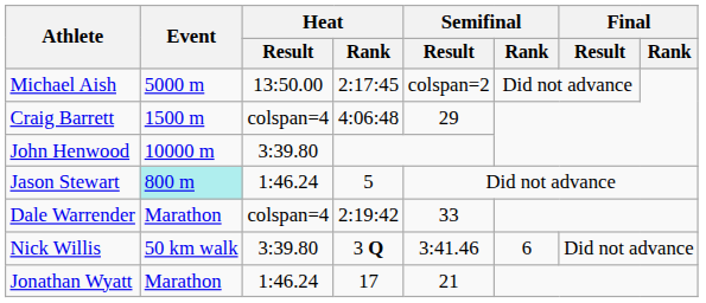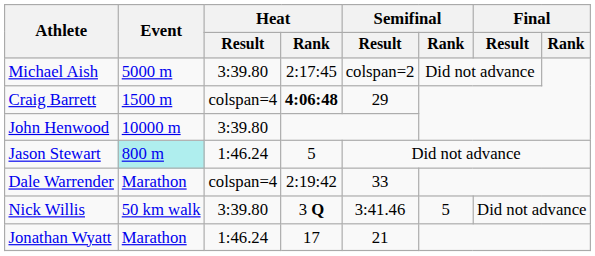 <table class=wikitable style="font-size:90%">
 <tr>
 <th rowspan="2">Athlete</th>
 <th rowspan="2">Event</th>
 <th colspan="2">Heat</th>
 <th colspan="2">Semifinal</th>
 <th colspan="2">Final</th>
 </tr>
 <tr style="font-size:95%">
 <th>Result</th>
 <th>Rank</th>
 <th>Result</th>
 <th>Rank</th>
 <th>Result</th>
 <th>Rank</th>
 </tr>
 <tr align=center>
 <td align=left><a href='#'>Michael Aish</a></td>
 <td align=left><a href='#'>5000 m</a></td>
-<td>13:50.00</td>
+<td>3:39.80</td>
 <td>2:17:45</td>
 <td>colspan=2 </td>
 <td colspan=2>Did not advance</td>
 </tr>
 <tr align=center>
 <td align=left><a href='#'>Craig Barrett</a></td>
 <td align=left><a href='#'>1500 m</a></td>
 <td>colspan=4 </td>
-<td>4:06:48</td>
+<td><strong>4:06:48</strong></td>
 <td>29</td>
 </tr>
 <tr align=center>
 <td align=left><a href='#'>John Henwood</a></td>
 <td align=left><a href='#'>10000 m</a></td>
 <td>3:39.80</td>
 <td colspan=2></td>
 </tr>
 <tr align=center>
 <td align=left><a href='#'>Jason Stewart</a></td>
 <td align=left style="background: paleturquoise;"><a href='#'>800 m</a></td>
 <td>1:46.24</td>
 <td>5</td>
 <td colspan=4>Did not advance</td>
 </tr>
 <tr align=center>
 <td align=left><a href='#'>Dale Warrender</a></td>
 <td align=left><a href='#'>Marathon</a></td>
 <td>colspan=4 </td>
 <td>2:19:42</td>
 <td>33</td>
 </tr>
 <tr align=center>
 <td align=left><a href='#'>Nick Willis</a></td>
 <td align=left><a href='#'>50 km walk</a></td>
 <td>3:39.80</td>
 <td>3 <strong>Q</strong></td>
 <td>3:41.46</td>
-<td>6</td>
+<td>5</td>
 <td colspan=2>Did not advance</td>
 </tr>
 <tr align=center>
 <td align=left><a href='#'>Jonathan Wyatt</a></td>
 <td align=left><a href='#'>Marathon</a></td>
 <td>1:46.24</td>
 <td>17</td>
 <td>21</td>
 </tr>
 </table>
